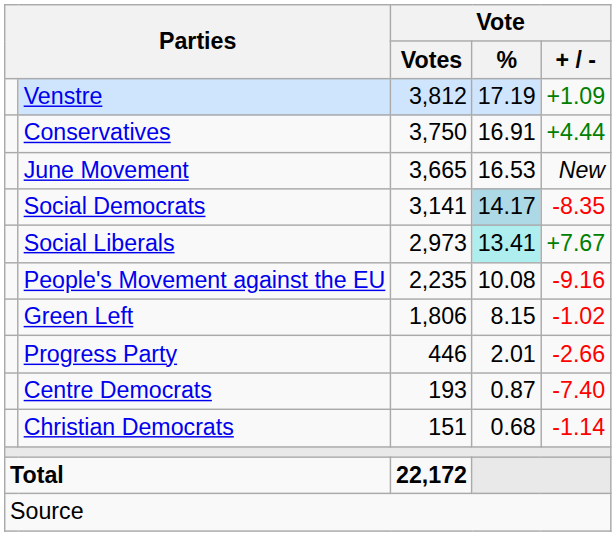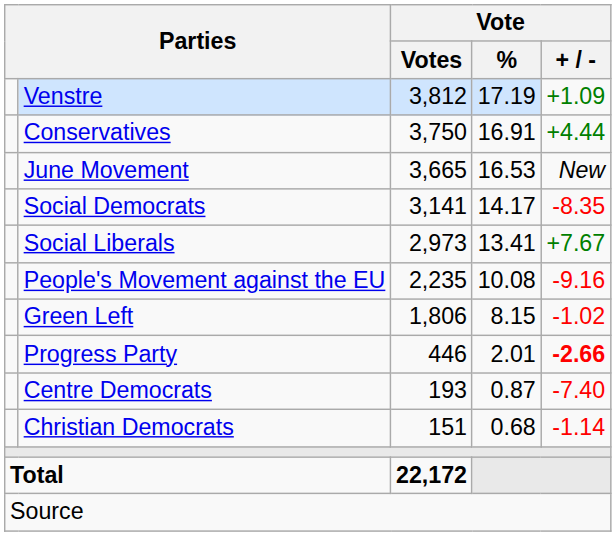 <table class="wikitable" style="text-align:right;">
 <tr>
 <th style="text-align:centre;" rowspan="2" colspan="2" width="225">Parties</th>
 <th colspan="3">Vote</th>
 </tr>
 <tr>
 <th width="15">Votes</th>
 <th width="15">%</th>
 <th width="15">+ / -</th>
 </tr>
 <tr>
 <td width="2" style="color:inherit;background:"></td>
 <td bgcolor=#cfe5fe   align="left"><a href='#'>Venstre</a></td>
 <td bgcolor=#cfe5fe>3,812</td>
 <td bgcolor=#cfe5fe>17.19</td>
 <td style=color:green;>+1.09</td>
 </tr>
 <tr>
 <td width="2" style="color:inherit;background:"></td>
 <td align="left"><a href='#'>Conservatives</a></td>
 <td>3,750</td>
 <td>16.91</td>
 <td style=color:green;>+4.44</td>
 </tr>
 <tr>
 <td width="2" style="color:inherit;background:"></td>
 <td align="left"><a href='#'>June Movement</a></td>
 <td>3,665</td>
 <td>16.53</td>
 <td><em>New</em></td>
 </tr>
 <tr>
 <td width="2" style="color:inherit;background:"></td>
 <td align="left"><a href='#'>Social Democrats</a></td>
 <td>3,141</td>
-<td style="background: lightblue;">14.17</td>
+<td>14.17</td>
 <td style=color:red;>-8.35</td>
 </tr>
 <tr>
 <td width="2" style="color:inherit;background:"></td>
 <td align="left"><a href='#'>Social Liberals</a></td>
 <td>2,973</td>
-<td style="background: paleturquoise;">13.41</td>
+<td>13.41</td>
 <td style=color:green;>+7.67</td>
 </tr>
 <tr>
 <td width="2" style="color:inherit;background:"></td>
 <td align="left"><a href='#'>People's Movement against the EU</a></td>
 <td>2,235</td>
 <td>10.08</td>
 <td style=color:red;>-9.16</td>
 </tr>
 <tr>
 <td width="2" style="color:inherit;background:"></td>
 <td align="left"><a href='#'>Green Left</a></td>
 <td>1,806</td>
 <td>8.15</td>
 <td style=color:red;>-1.02</td>
 </tr>
 <tr>
 <td width="2" style="color:inherit;background:"></td>
 <td align="left"><a href='#'>Progress Party</a></td>
 <td>446</td>
 <td>2.01</td>
-<td style=color:red;>-2.66</td>
+<td style=color:red;><strong>-2.66</strong></td>
 </tr>
 <tr>
 <td width="2" style="color:inherit;background:"></td>
 <td align="left"><a href='#'>Centre Democrats</a></td>
 <td>193</td>
 <td>0.87</td>
 <td style=color:red;>-7.40</td>
 </tr>
 <tr>
 <td width="2" style="color:inherit;background:"></td>
 <td align="left"><a href='#'>Christian Democrats</a></td>
 <td>151</td>
 <td>0.68</td>
 <td style=color:red;>-1.14</td>
 </tr>
 <tr>
 <td colspan="7" bgcolor="#E9E9E9"></td>
 </tr>
 <tr>
 <td align="left" colspan="2"><strong>Total</strong></td>
 <td><strong>22,172</strong></td>
 <td bgcolor="#E9E9E9" colspan="2"></td>
 </tr>
 <tr>
 <td align="left" colspan="6">Source</td>
 </tr>
 </table>
